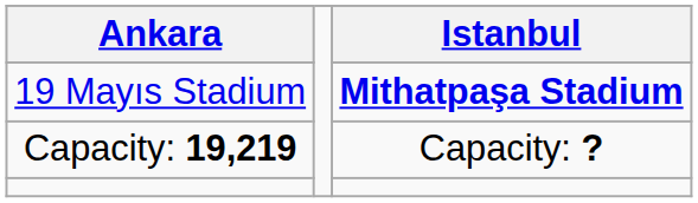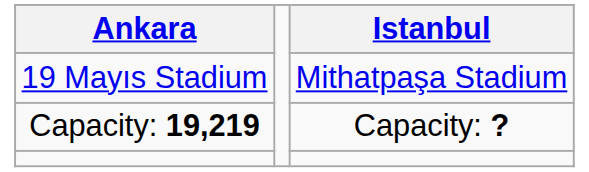 <table class="wikitable" style="margin: 1em auto; text-align:center">
 <tr>
 <th><a href='#'>Ankara</a></th>
 <td rowspan="4"></td>
 <th><a href='#'>Istanbul</a></th>
 </tr>
 <tr>
 <td><a href='#'>19 Mayıs Stadium</a></td>
-<td><strong><a href='#'>Mithatpaşa Stadium</a></strong></td>
+<td><a href='#'>Mithatpaşa Stadium</a></td>
 </tr>
 <tr>
 <td>Capacity: <strong>19,219</strong></td>
 <td>Capacity: <strong>?</strong></td>
 </tr>
 <tr>
 <td></td>
 <td></td>
 </tr>
 </table>
